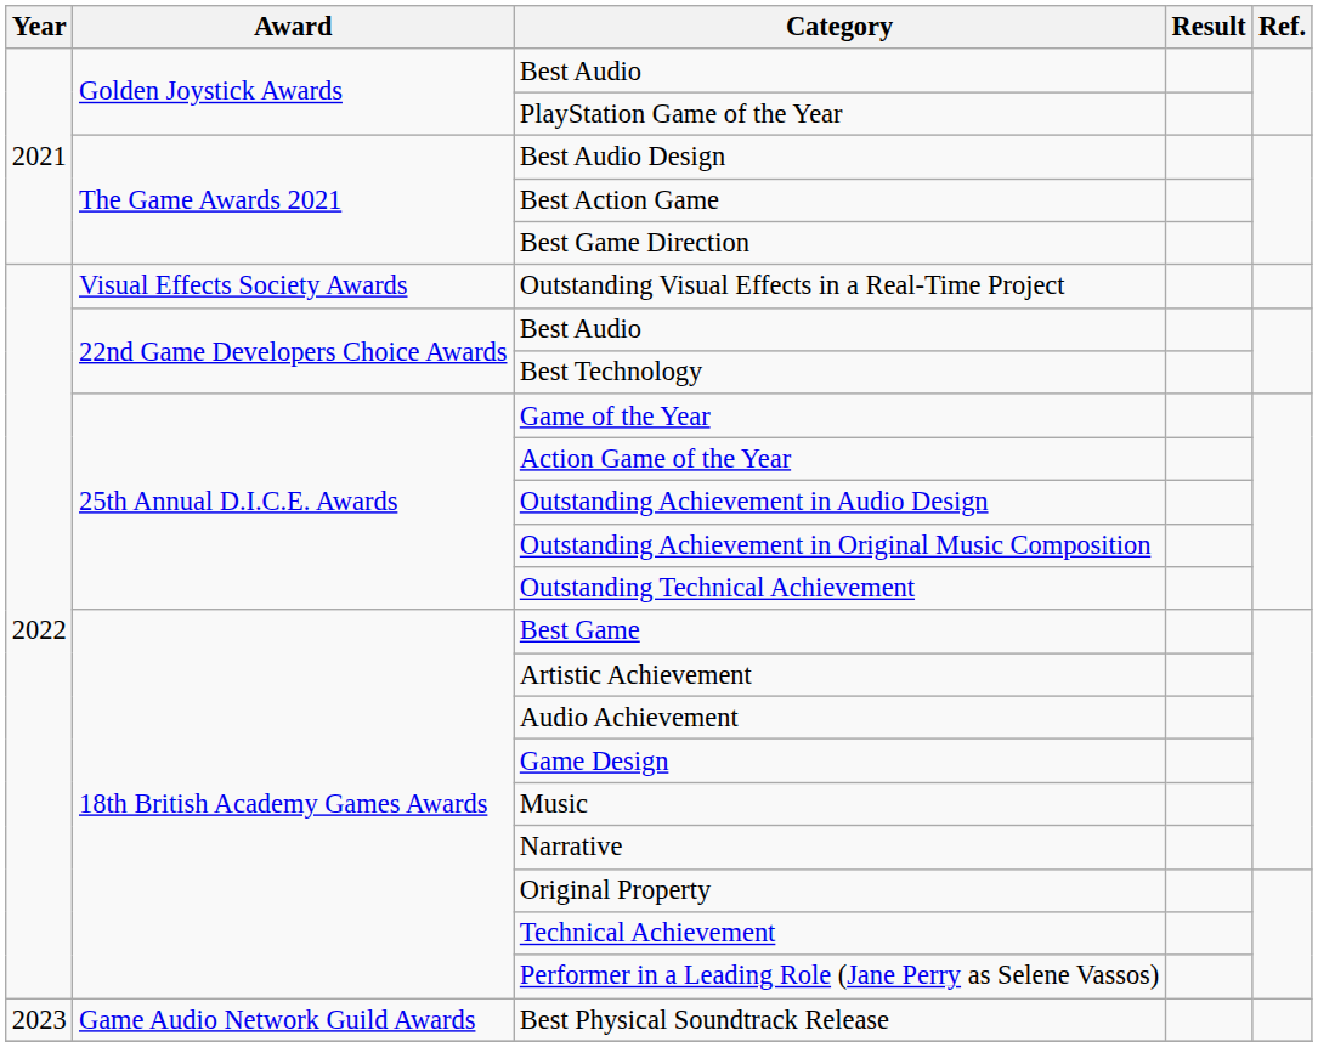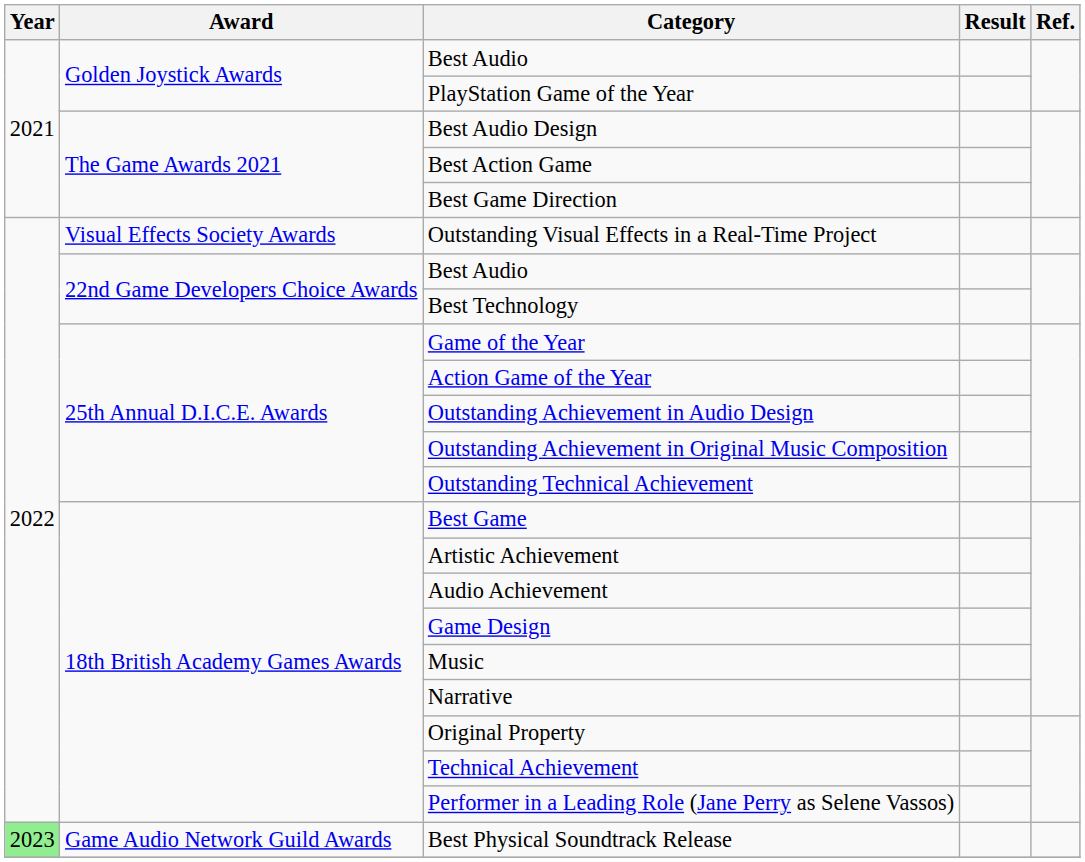 <table class="wikitable sortable">
 <tr>
 <th scope=col>Year</th>
 <th scope=col>Award</th>
 <th scope=col>Category</th>
 <th scope=col>Result</th>
 <th scope=col class=unsortable>Ref.</th>
 </tr>
 <tr>
 <td style="text-align:center;" rowspan="5">2021</td>
 <td rowspan="2"><a href='#'>Golden Joystick Awards</a></td>
 <td>Best Audio</td>
 <td></td>
 <td style="text-align:center;" rowspan="2"></td>
 </tr>
 <tr>
 <td>PlayStation Game of the Year</td>
 <td></td>
 </tr>
 <tr>
 <td rowspan="3"><a href='#'>The Game Awards 2021</a></td>
 <td>Best Audio Design</td>
 <td></td>
 <td style="text-align:center;" rowspan="3"></td>
 </tr>
 <tr>
 <td>Best Action Game</td>
 <td></td>
 </tr>
 <tr>
 <td>Best Game Direction</td>
 <td></td>
 </tr>
 <tr>
 <td style="text-align:center;" rowspan="17">2022</td>
 <td><a href='#'>Visual Effects Society Awards</a></td>
 <td>Outstanding Visual Effects in a Real-Time Project</td>
 <td></td>
 <td rowspan="1" style="text-align:center;"></td>
 </tr>
 <tr>
 <td rowspan="2"><a href='#'>22nd Game Developers Choice Awards</a></td>
 <td>Best Audio</td>
 <td></td>
 <td rowspan="2" style="text-align:center;"></td>
 </tr>
 <tr>
 <td>Best Technology</td>
 <td></td>
 </tr>
 <tr>
 <td rowspan="5"><a href='#'>25th Annual D.I.C.E. Awards</a></td>
 <td><a href='#'>Game of the Year</a></td>
 <td></td>
 <td rowspan="5" style="text-align:center;"></td>
 </tr>
 <tr>
 <td><a href='#'>Action Game of the Year</a></td>
 <td></td>
 </tr>
 <tr>
 <td><a href='#'>Outstanding Achievement in Audio Design</a></td>
 <td></td>
 </tr>
 <tr>
 <td><a href='#'>Outstanding Achievement in Original Music Composition</a></td>
 <td></td>
 </tr>
 <tr>
 <td><a href='#'>Outstanding Technical Achievement</a></td>
 <td></td>
 </tr>
 <tr>
 <td rowspan="9"><a href='#'>18th British Academy Games Awards</a></td>
 <td><a href='#'>Best Game</a></td>
 <td></td>
 <td rowspan="6" style="text-align:center;"></td>
 </tr>
 <tr>
 <td>Artistic Achievement</td>
 <td></td>
 </tr>
 <tr>
 <td>Audio Achievement</td>
 <td></td>
 </tr>
 <tr>
 <td><a href='#'>Game Design</a></td>
 <td></td>
 </tr>
 <tr>
 <td>Music</td>
 <td></td>
 </tr>
 <tr>
 <td>Narrative</td>
 <td></td>
 </tr>
 <tr>
 <td>Original Property</td>
 <td></td>
 </tr>
 <tr>
 <td><a href='#'>Technical Achievement</a></td>
 <td></td>
 </tr>
 <tr>
 <td><a href='#'>Performer in a Leading Role</a> (<a href='#'>Jane Perry</a> as Selene Vassos)</td>
 <td></td>
 </tr>
 <tr>
-<td style="text-align:center;">2023</td>
+<td style="background: lightgreen; text-align:center;">2023</td>
 <td><a href='#'>Game Audio Network Guild Awards</a></td>
 <td>Best Physical Soundtrack Release</td>
 <td></td>
 <td rowspan="1" style="text-align:center;"></td>
 </tr>
 <tr>
 </tr>
 </table>
